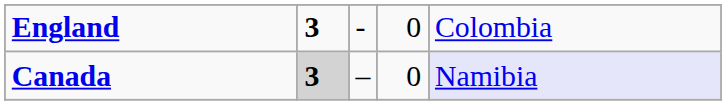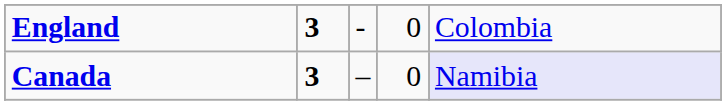 <table class="wikitable">
 <tr>
 <td width=150> <strong><a href='#'>England</a></strong></td>
 <td style="width:20px; text-align:left;"><strong>3</strong></td>
 <td>-</td>
 <td style="width:20px; text-align:right;">0</td>
 <td width=150> <a href='#'>Colombia</a></td>
 </tr>
 <tr>
 <td> <strong><a href='#'>Canada</a></strong></td>
-<td style="background: lightgrey; text-align:left;"><strong>3</strong></td>
+<td style="text-align:left;"><strong>3</strong></td>
 <td>–</td>
 <td style="text-align:right;">0</td>
 <td style="background: lavender;"> <a href='#'>Namibia</a></td>
 </tr>
 </table>
